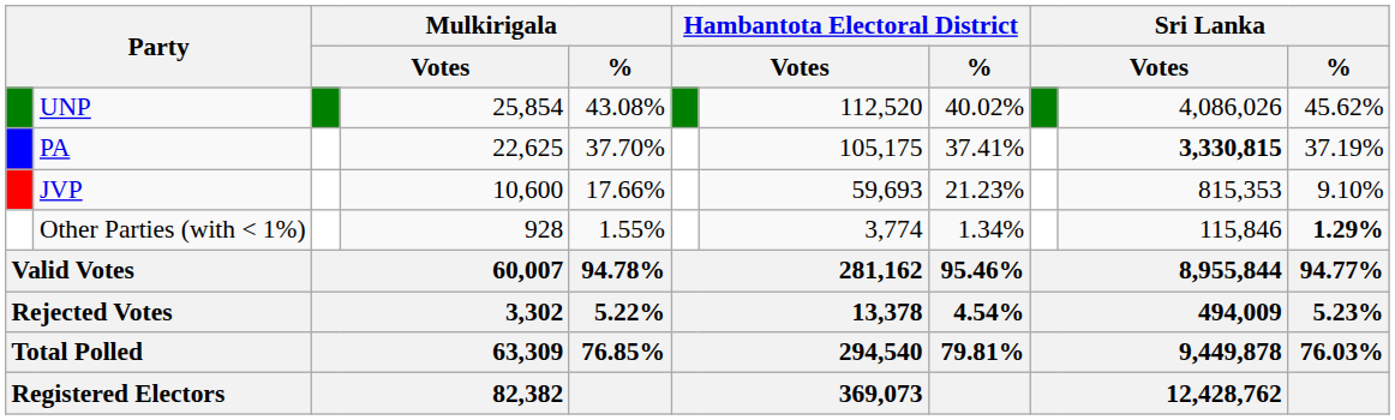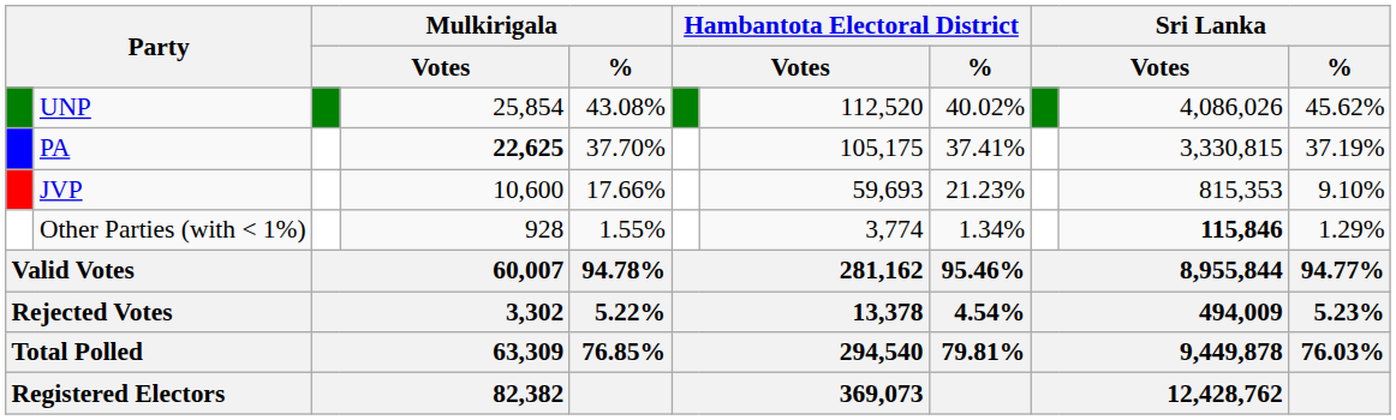 <table class="wikitable">
 <tr>
 <th colspan="2" width="144px"rowspan="2">Party</th>
 <th colspan="3" width="216px">Mulkirigala</th>
 <th colspan="3" width="216px"><a href='#'>Hambantota Electoral District</a></th>
 <th colspan="3" width="216px">Sri Lanka</th>
 </tr>
 <tr>
 <th colspan="2" width="144px">Votes</th>
 <th>%</th>
 <th colspan="2" width="144px">Votes</th>
 <th>%</th>
 <th colspan="2" width="144px">Votes</th>
 <th>%</th>
 </tr>
 <tr>
 <td style="background-color:green;" width="10px"></td>
 <td style="text-align:left;"><a href='#'>UNP</a></td>
 <td style="background-color:green;" width="10px"></td>
 <td style="text-align:right;">25,854</td>
 <td style="text-align:right;">43.08%</td>
 <td style="background-color:green;" width="10px"></td>
 <td style="text-align:right;">112,520</td>
 <td style="text-align:right;">40.02%</td>
 <td style="background-color:green;" width="10px"></td>
 <td style="text-align:right;">4,086,026</td>
 <td style="text-align:right;">45.62%</td>
 </tr>
 <tr>
 <td style="background-color:blue;" width="10px"></td>
 <td style="text-align:left;"><a href='#'>PA</a></td>
 <td style="background-color:white;" width="10px"></td>
-<td style="text-align:right;">22,625</td>
+<td style="text-align:right;"><strong>22,625</strong></td>
 <td style="text-align:right;">37.70%</td>
 <td style="background-color:white;" width="10px"></td>
 <td style="text-align:right;">105,175</td>
 <td style="text-align:right;">37.41%</td>
 <td style="background-color:white;" width="10px"></td>
-<td style="text-align:right;"><strong>3,330,815</strong></td>
+<td style="text-align:right;">3,330,815</td>
 <td style="text-align:right;">37.19%</td>
 </tr>
 <tr>
 <td style="background-color:red;" width="10px"></td>
 <td style="text-align:left;"><a href='#'>JVP</a></td>
 <td style="background-color:white;" width="10px"></td>
 <td style="text-align:right;">10,600</td>
 <td style="text-align:right;">17.66%</td>
 <td style="background-color:white;" width="10px"></td>
 <td style="text-align:right;">59,693</td>
 <td style="text-align:right;">21.23%</td>
 <td style="background-color:white;" width="10px"></td>
 <td style="text-align:right;">815,353</td>
 <td style="text-align:right;">9.10%</td>
 </tr>
 <tr>
 <td style="background-color:white;" width="10px"></td>
 <td style="text-align:left;">Other Parties (with < 1%)</td>
 <td style="background-color:white;" width="10px"></td>
 <td style="text-align:right;">928</td>
 <td style="text-align:right;">1.55%</td>
 <td style="background-color:white;" width="10px"></td>
 <td style="text-align:right;">3,774</td>
 <td style="text-align:right;">1.34%</td>
 <td style="background-color:white;" width="10px"></td>
-<td style="text-align:right;">115,846</td>
-<td style="text-align:right;"><strong>1.29%</strong></td>
+<td style="text-align:right;"><strong>115,846</strong></td>
+<td style="text-align:right;">1.29%</td>
 </tr>
 <tr>
 <th colspan="2" width="144px"style="text-align:left;">Valid Votes</th>
 <th style="text-align:right;"colspan="2" width="144px">60,007</th>
 <th style="text-align:right;">94.78%</th>
 <th style="text-align:right;"colspan="2" width="144px">281,162</th>
 <th style="text-align:right;">95.46%</th>
 <th style="text-align:right;"colspan="2" width="144px">8,955,844</th>
 <th style="text-align:right;">94.77%</th>
 </tr>
 <tr>
 <th colspan="2" width="144px"style="text-align:left;">Rejected Votes</th>
 <th style="text-align:right;"colspan="2" width="144px">3,302</th>
 <th style="text-align:right;">5.22%</th>
 <th style="text-align:right;"colspan="2" width="144px">13,378</th>
 <th style="text-align:right;">4.54%</th>
 <th style="text-align:right;"colspan="2" width="144px">494,009</th>
 <th style="text-align:right;">5.23%</th>
 </tr>
 <tr>
 <th colspan="2" width="144px"style="text-align:left;">Total Polled</th>
 <th style="text-align:right;"colspan="2" width="144px">63,309</th>
 <th style="text-align:right;">76.85%</th>
 <th style="text-align:right;"colspan="2" width="144px">294,540</th>
 <th style="text-align:right;">79.81%</th>
 <th style="text-align:right;"colspan="2" width="144px">9,449,878</th>
 <th style="text-align:right;">76.03%</th>
 </tr>
 <tr>
 <th colspan="2" width="144px"style="text-align:left;">Registered Electors</th>
 <th style="text-align:right;"colspan="2" width="144px">82,382</th>
 <th></th>
 <th style="text-align:right;"colspan="2" width="144px">369,073</th>
 <th></th>
 <th style="text-align:right;"colspan="2" width="144px">12,428,762</th>
 <th></th>
 </tr>
 </table>
